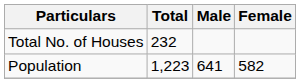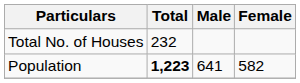 <table class="wikitable sortable">
 <tr>
 <th>Particulars</th>
 <th>Total</th>
 <th>Male</th>
 <th>Female</th>
 </tr>
 <tr>
 <td>Total No. of Houses</td>
 <td>232</td>
 <td></td>
 <td></td>
 </tr>
 <tr>
 <td>Population</td>
-<td>1,223</td>
+<td><strong>1,223</strong></td>
 <td>641</td>
 <td>582</td>
 </tr>
 <tr>
 </tr>
 </table>
